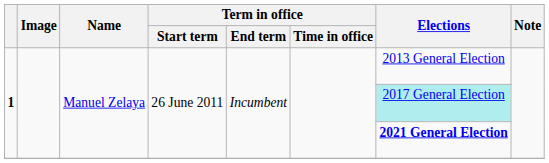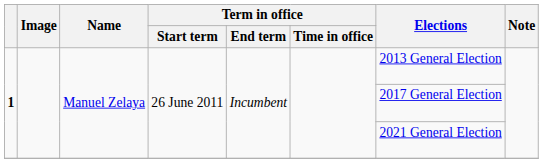 <table class="wikitable" style="text-align:center">
 <tr>
 <th rowspan="2"></th>
 <th rowspan="2">Image</th>
 <th rowspan="2">Name<br></th>
 <th colspan="3">Term in office</th>
 <th rowspan="2"><a href='#'>Elections</a></th>
 <th rowspan="2">Note</th>
 </tr>
 <tr>
 <th>Start term</th>
 <th>End term</th>
 <th>Time in office</th>
 </tr>
 <tr>
 <td rowspan="3" style="background:"><strong>1</strong></td>
 <td rowspan="3"></td>
 <td rowspan="3"><a href='#'>Manuel Zelaya</a><br></td>
 <td rowspan="3">26 June 2011</td>
 <td rowspan="3"><em>Incumbent</em></td>
 <td rowspan="3"></td>
 <td><a href='#'>2013 General Election</a><br><br></td>
 <td rowspan="3"></td>
 </tr>
 <tr>
-<td style="background: paleturquoise;"><a href='#'>2017 General Election</a><br><br></td>
+<td><a href='#'>2017 General Election</a><br><br></td>
 </tr>
 <tr>
-<td><strong><a href='#'>2021 General Election</a><br><br></strong></td>
+<td><a href='#'>2021 General Election</a><br><br></td>
 </tr>
 <tr>
 </tr>
 </table>
